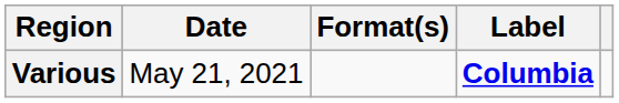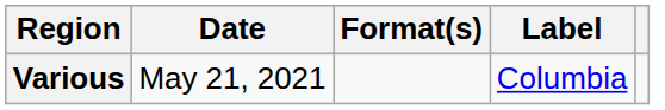 <table class="wikitable plainrowheaders">
 <tr>
 <th scope="col">Region</th>
 <th scope="col">Date</th>
 <th scope="col">Format(s)</th>
 <th scope="col">Label</th>
 <th scope="col"></th>
 </tr>
 <tr>
 <th scope="row">Various</th>
 <td rowspan="2">May 21, 2021</td>
 <td></td>
-<td><strong><a href='#'>Columbia</a></strong></td>
+<td><a href='#'>Columbia</a></td>
 <td style="text-align:center;"></td>
 </tr>
 </table>
